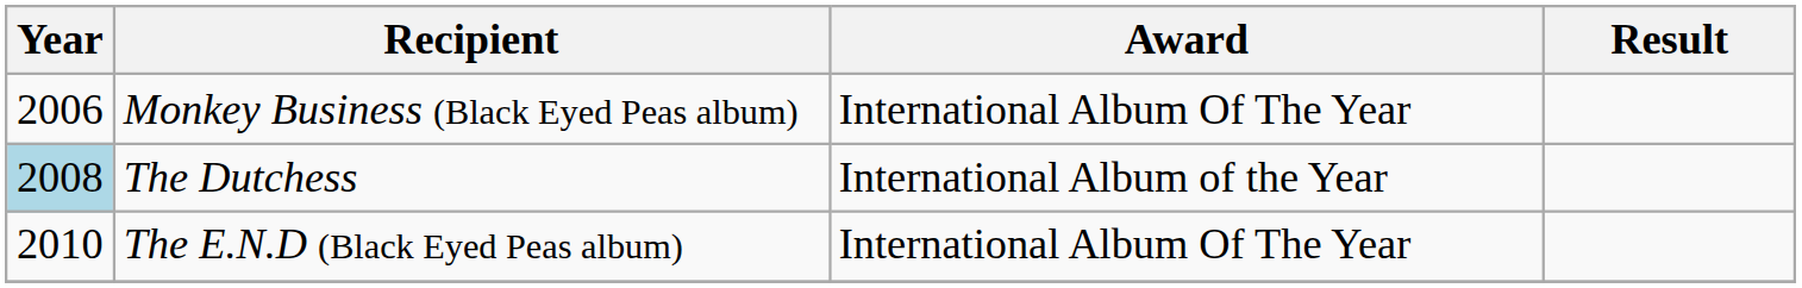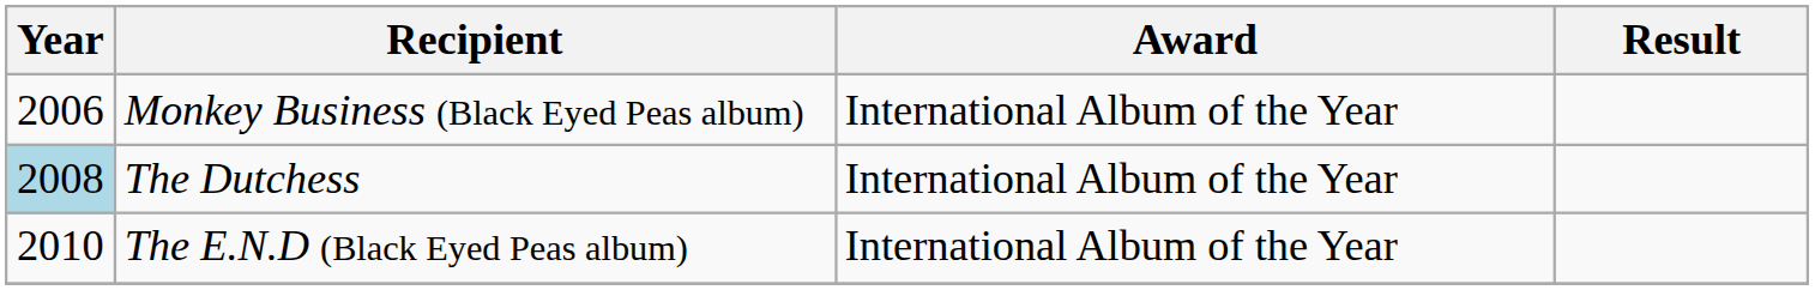 <table style="width: 75%;" class="wikitable">
 <tr>
 <th style="width:6%;">Year</th>
 <th style="width:40%;">Recipient</th>
 <th style="width:40%;">Award</th>
 <th style="width:14%;">Result</th>
 </tr>
 <tr>
 <td style=text-align:center>2006</td>
 <td style=text-align:left><em>Monkey Business</em> <small>(Black Eyed Peas album)</small></td>
-<td>International Album Of The Year</td>
+<td>International Album of the Year</td>
 <td></td>
 </tr>
 <tr>
 <td style="background: lightblue; text-align:center;">2008</td>
 <td style="text-align:left;"><em>The Dutchess</em></td>
 <td>International Album of the Year</td>
 <td></td>
 </tr>
 <tr>
 <td style=text-align:center>2010</td>
 <td style=text-align:left><em>The E.N.D</em> <small>(Black Eyed Peas album)</small></td>
-<td>International Album Of The Year</td>
+<td>International Album of the Year</td>
 <td></td>
 </tr>
 <tr>
 </tr>
 </table>
